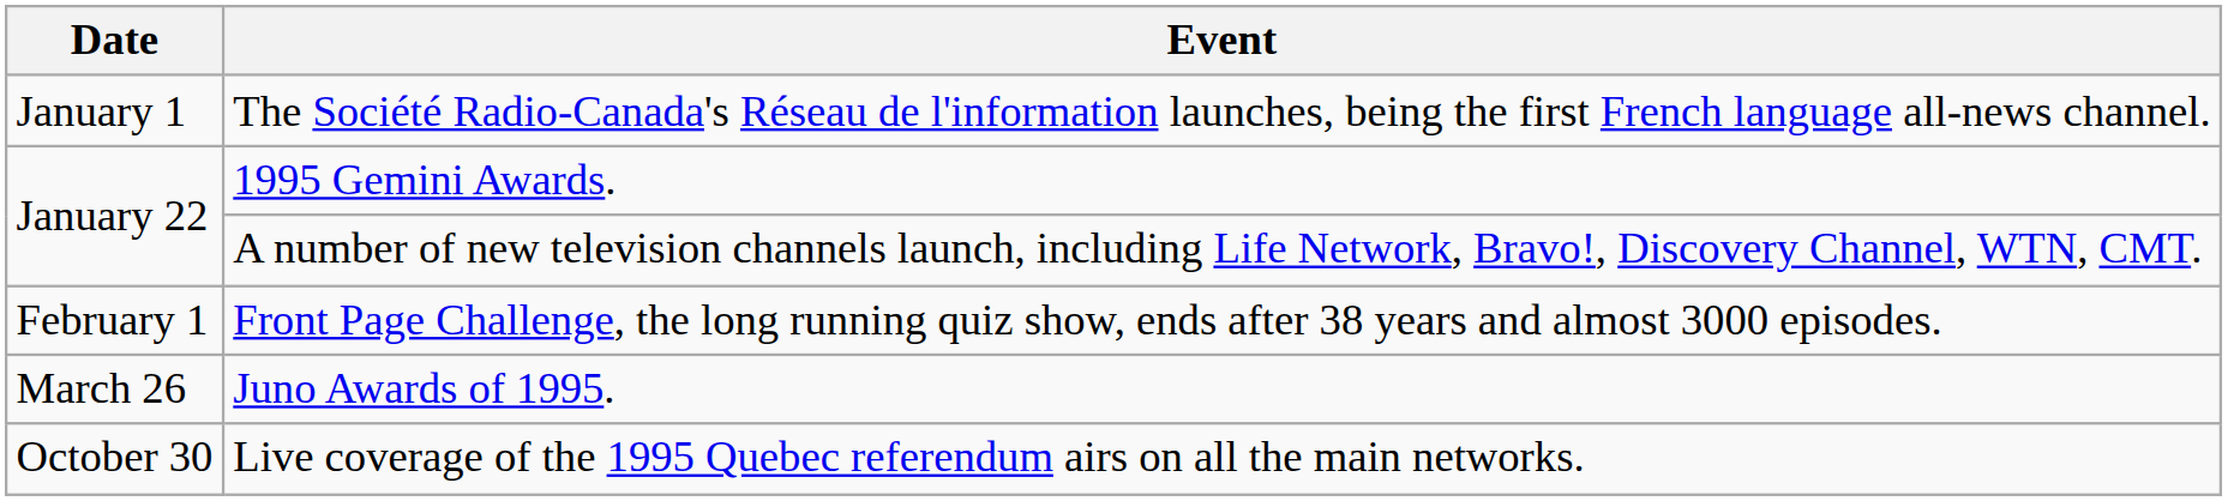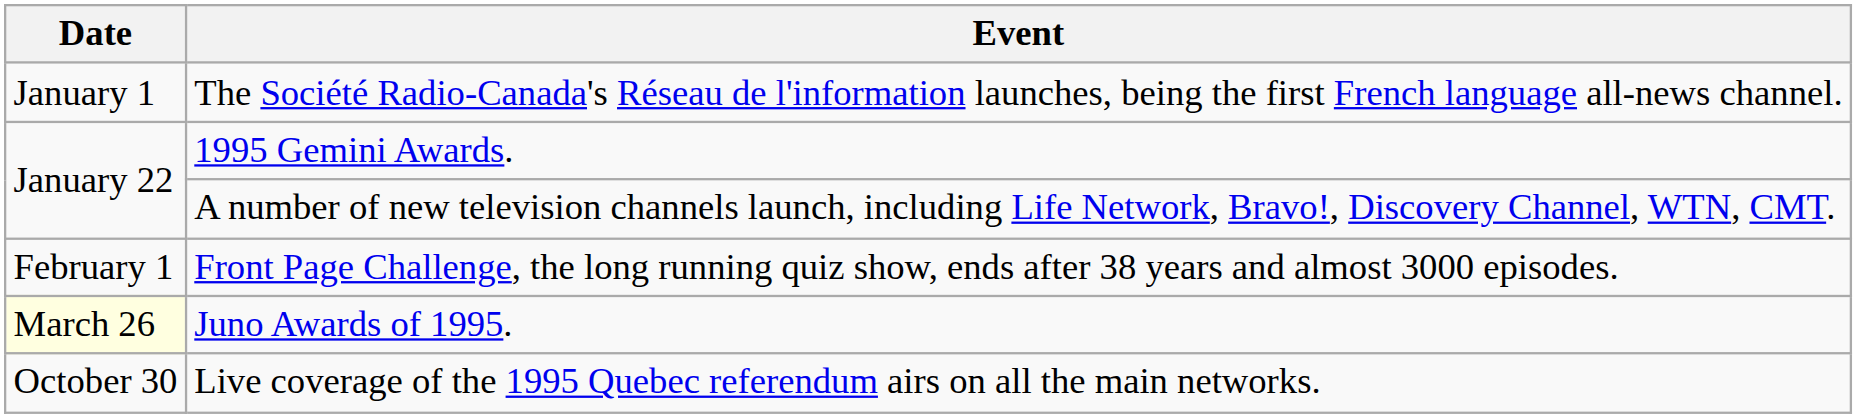 <table class="wikitable">
 <tr>
 <th>Date</th>
 <th>Event</th>
 </tr>
 <tr>
 <td>January 1</td>
 <td>The <a href='#'>Société Radio-Canada</a>'s <a href='#'>Réseau de l'information</a> launches, being the first <a href='#'>French language</a> all-news channel.</td>
 </tr>
 <tr>
 <td rowspan="2">January 22</td>
 <td><a href='#'>1995 Gemini Awards</a>.</td>
 </tr>
 <tr>
 <td>A number of new television channels launch, including <a href='#'>Life Network</a>, <a href='#'>Bravo!</a>, <a href='#'>Discovery Channel</a>, <a href='#'>WTN</a>, <a href='#'>CMT</a>.</td>
 </tr>
 <tr>
 <td>February 1</td>
 <td><a href='#'>Front Page Challenge</a>, the long running quiz show, ends after 38 years and almost 3000 episodes.</td>
 </tr>
 <tr>
-<td>March 26</td>
+<td style="background: lightyellow;">March 26</td>
 <td><a href='#'>Juno Awards of 1995</a>.</td>
 </tr>
 <tr>
 <td>October 30</td>
 <td>Live coverage of the <a href='#'>1995 Quebec referendum</a> airs on all the main networks.</td>
 </tr>
 </table>
